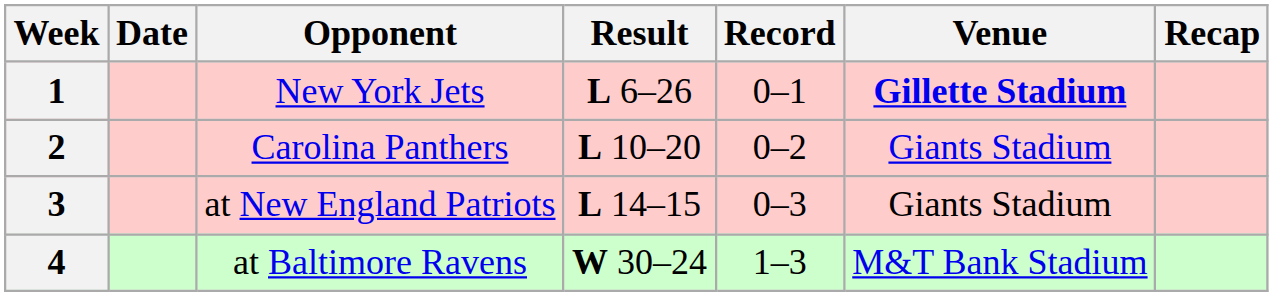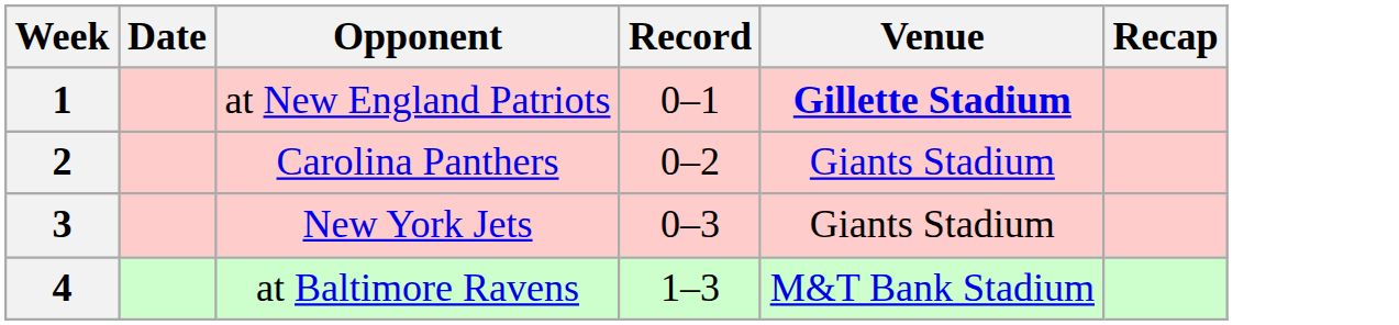 <table class="wikitable" style="text-align:center">
 <tr>
 <th>Week</th>
 <th>Date</th>
 <th>Opponent</th>
-<th>Result</th>
 <th>Record</th>
 <th>Venue</th>
 <th>Recap</th>
 </tr>
 <tr style="background: #fcc;">
 <th>1</th>
 <td></td>
-<td><a href='#'>New York Jets</a></td>
-<td><strong>L</strong> 6–26</td>
+<td>at <a href='#'>New England Patriots</a></td>
 <td>0–1</td>
 <td><strong><a href='#'>Gillette Stadium</a></strong></td>
 <td></td>
 </tr>
 <tr style="background: #fcc;">
 <th>2</th>
 <td></td>
 <td><a href='#'>Carolina Panthers</a></td>
-<td><strong>L</strong> 10–20</td>
 <td>0–2</td>
 <td><a href='#'>Giants Stadium</a></td>
 <td></td>
 </tr>
 <tr style="background: #fcc;">
 <th>3</th>
 <td></td>
-<td>at <a href='#'>New England Patriots</a></td>
-<td><strong>L</strong> 14–15</td>
+<td><a href='#'>New York Jets</a></td>
 <td>0–3</td>
 <td>Giants Stadium</td>
 <td></td>
 </tr>
 <tr style="background: #cfc;">
 <th>4</th>
 <td></td>
 <td>at <a href='#'>Baltimore Ravens</a></td>
-<td><strong>W</strong> 30–24</td>
 <td>1–3</td>
 <td><a href='#'>M&T Bank Stadium</a></td>
 <td></td>
 </tr>
 </table>
